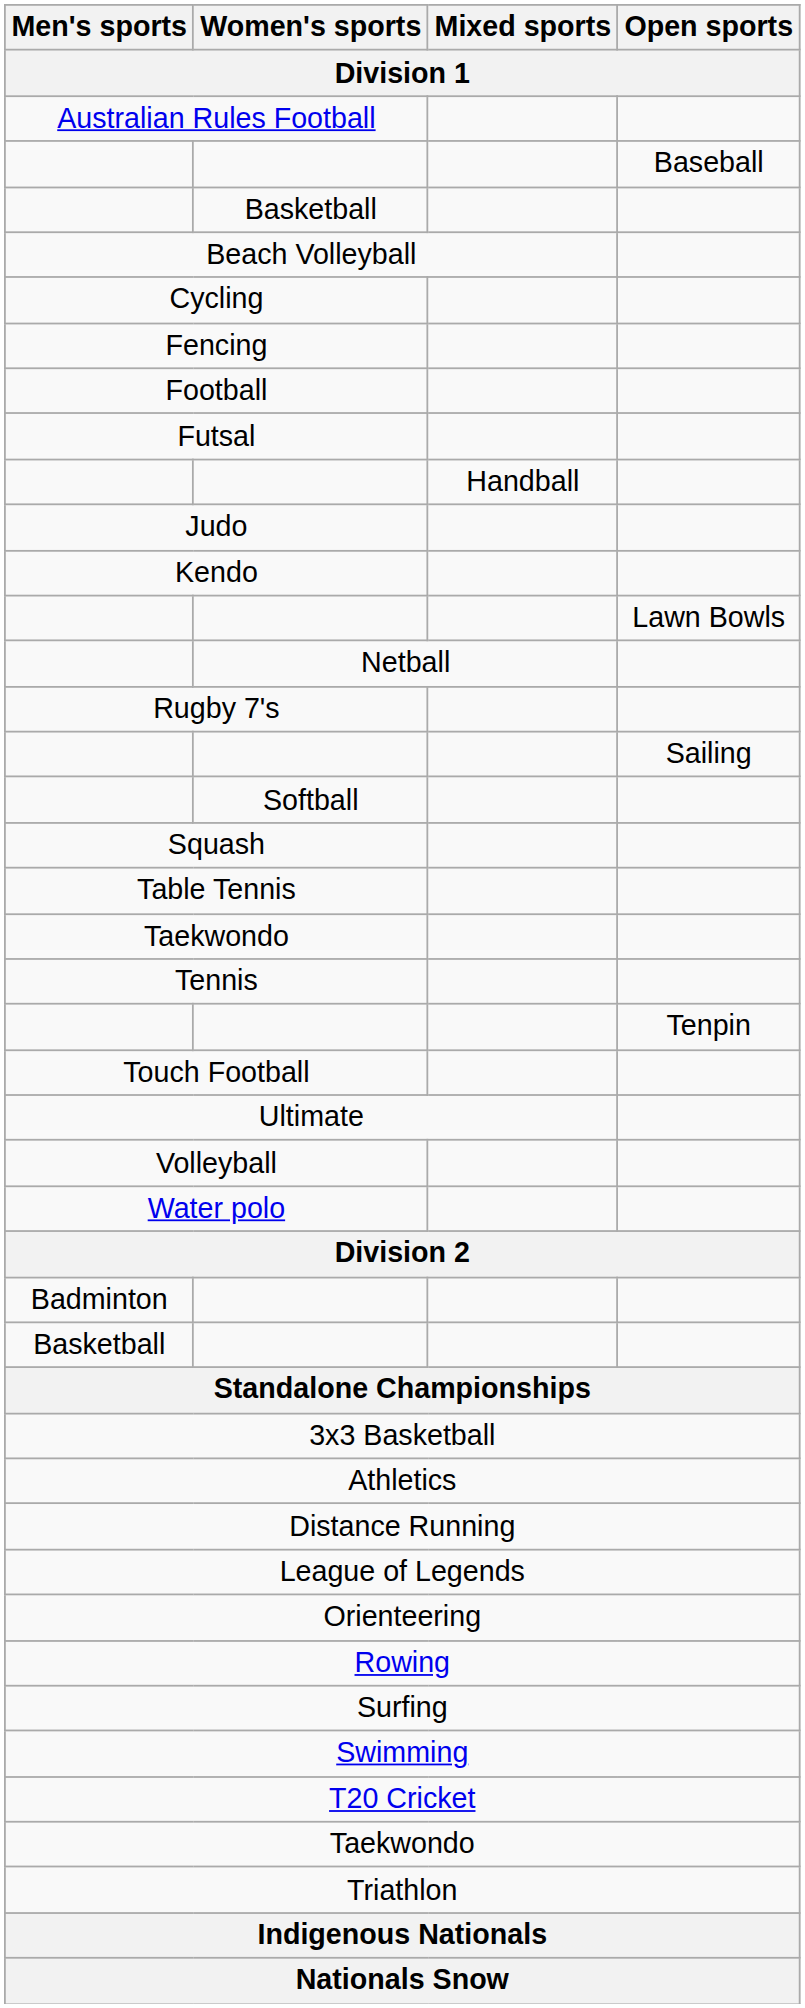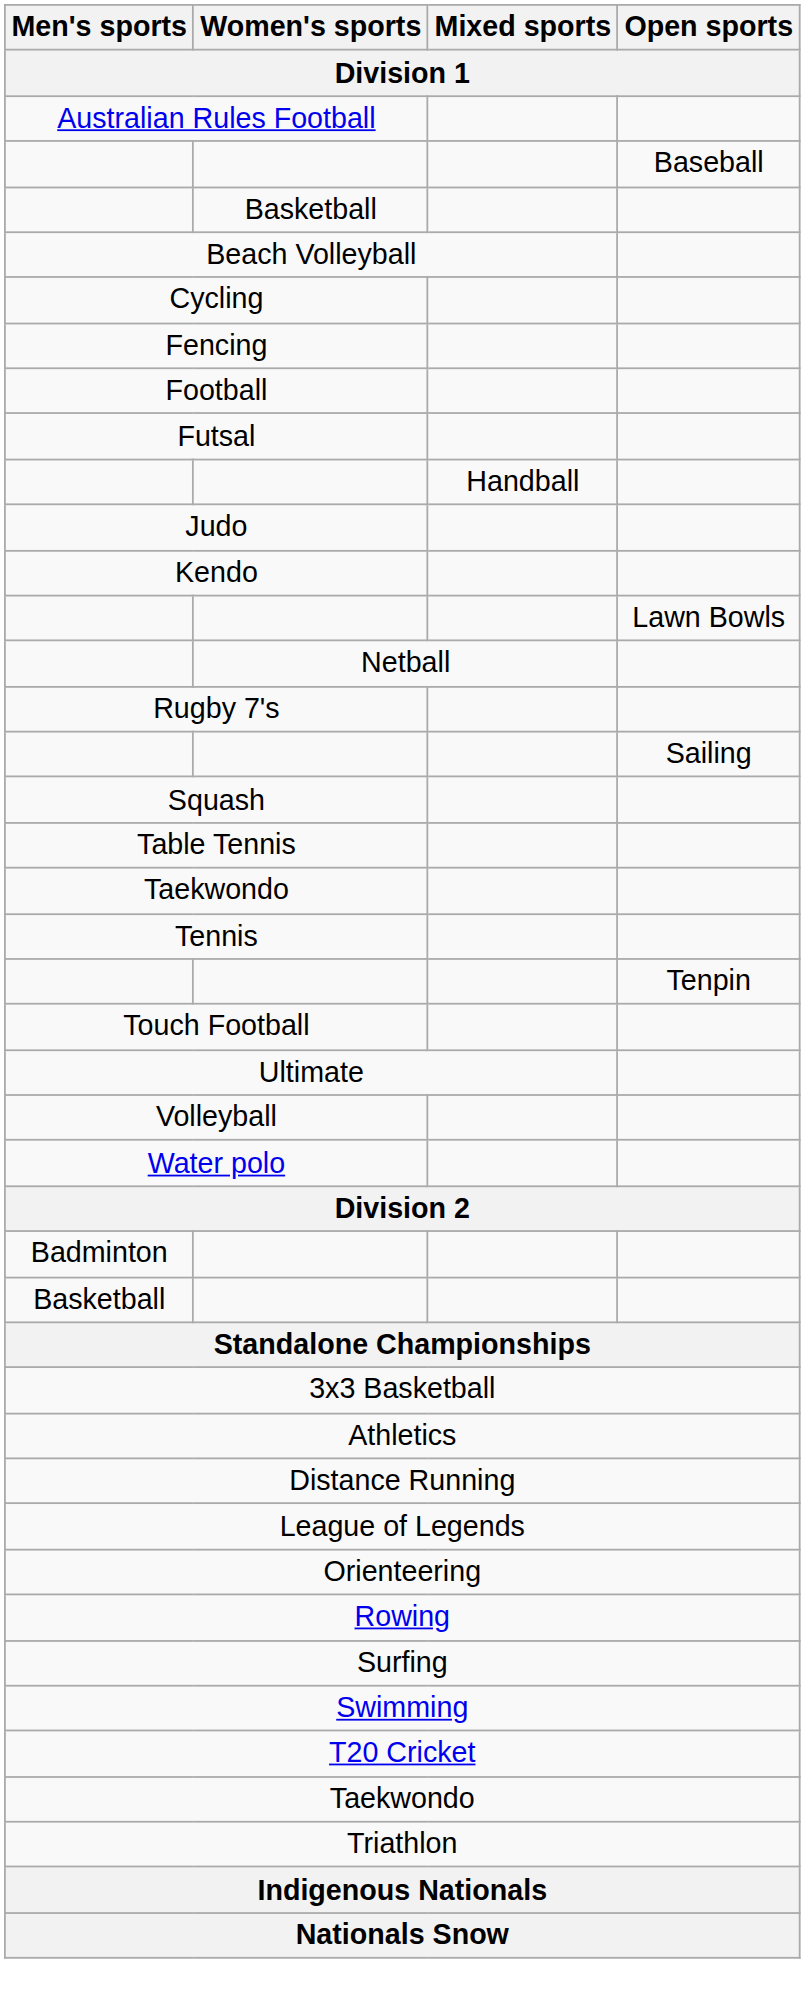 <table class="wikitable" style="float:right; clear:right; margin:0 0 1em 1em; text-align:center;">
 <tr>
 <th>Men's sports</th>
 <th>Women's sports</th>
 <th>Mixed sports</th>
 <th>Open sports</th>
 </tr>
 <tr>
 <th colspan="4">Division 1</th>
 </tr>
 <tr>
 <td colspan="2"><a href='#'>Australian Rules Football</a></td>
 <td></td>
 <td></td>
 </tr>
 <tr>
 <td></td>
 <td></td>
 <td></td>
 <td>Baseball</td>
 </tr>
 <tr>
 <td></td>
 <td>Basketball</td>
 <td></td>
 <td></td>
 </tr>
 <tr>
 <td colspan="3">Beach Volleyball</td>
 <td></td>
 </tr>
 <tr>
 <td colspan="2">Cycling</td>
 <td></td>
 <td></td>
 </tr>
 <tr>
 <td colspan="2">Fencing</td>
 <td></td>
 <td></td>
 </tr>
 <tr>
 <td colspan="2">Football</td>
 <td></td>
 <td></td>
 </tr>
 <tr>
 <td colspan="2">Futsal</td>
 <td></td>
 <td></td>
 </tr>
 <tr>
 <td></td>
 <td></td>
 <td>Handball</td>
 <td></td>
 </tr>
 <tr>
 <td colspan="2">Judo</td>
 <td></td>
 <td></td>
 </tr>
 <tr>
 <td colspan="2">Kendo</td>
 <td></td>
 <td></td>
 </tr>
 <tr>
 <td></td>
 <td></td>
 <td></td>
 <td>Lawn Bowls</td>
 </tr>
 <tr>
 <td></td>
 <td colspan="2">Netball</td>
 <td></td>
 </tr>
 <tr>
 <td colspan="2">Rugby 7's</td>
 <td></td>
 <td></td>
 </tr>
 <tr>
 <td></td>
 <td></td>
 <td></td>
 <td>Sailing</td>
-</tr>
-<tr>
-<td></td>
-<td>Softball</td>
-<td></td>
-<td></td>
 </tr>
 <tr>
 <td colspan="2">Squash</td>
 <td></td>
 <td></td>
 </tr>
 <tr>
 <td colspan="2">Table Tennis</td>
 <td></td>
 <td></td>
 </tr>
 <tr>
 <td colspan="2">Taekwondo</td>
 <td></td>
 <td></td>
 </tr>
 <tr>
 <td colspan="2">Tennis</td>
 <td></td>
 <td></td>
 </tr>
 <tr>
 <td></td>
 <td></td>
 <td></td>
 <td>Tenpin</td>
 </tr>
 <tr>
 <td colspan="2">Touch Football</td>
 <td></td>
 <td></td>
 </tr>
 <tr>
 <td colspan="3">Ultimate</td>
 <td></td>
 </tr>
 <tr>
 <td colspan="2">Volleyball</td>
 <td></td>
 <td></td>
 </tr>
 <tr>
 <td colspan="2"><a href='#'>Water polo</a></td>
 <td></td>
 <td></td>
 </tr>
 <tr>
 <th colspan="4">Division 2</th>
 </tr>
 <tr>
 <td>Badminton</td>
 <td></td>
 <td></td>
 <td></td>
 </tr>
 <tr>
 <td>Basketball</td>
 <td></td>
 <td></td>
 <td></td>
 </tr>
 <tr>
 <th colspan="4">Standalone Championships</th>
 </tr>
 <tr>
 <td colspan="4">3x3 Basketball</td>
 </tr>
 <tr>
 <td colspan="4">Athletics</td>
 </tr>
 <tr>
 <td colspan="4">Distance Running</td>
 </tr>
 <tr>
 <td colspan="4">League of Legends</td>
 </tr>
 <tr>
 <td colspan="4">Orienteering</td>
 </tr>
 <tr>
 <td colspan="4"><a href='#'>Rowing</a></td>
 </tr>
 <tr>
 <td colspan="4">Surfing</td>
 </tr>
 <tr>
 <td colspan="4"><a href='#'>Swimming</a></td>
 </tr>
 <tr>
 <td colspan="4"><a href='#'>T20 Cricket</a></td>
 </tr>
 <tr>
 <td colspan="4">Taekwondo</td>
 </tr>
 <tr>
 <td colspan="4">Triathlon</td>
 </tr>
 <tr>
 <th colspan="4">Indigenous Nationals</th>
 </tr>
 <tr>
 <th colspan="4">Nationals Snow</th>
 </tr>
 </table>
